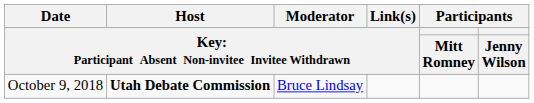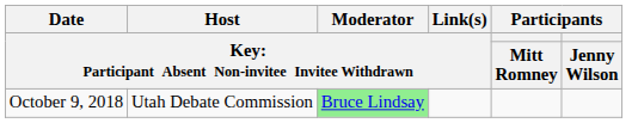 <table class="wikitable" style="text-align:center">
 <tr>
 <th scope="col">Date</th>
 <th scope="col">Host</th>
 <th scope="col">Moderator</th>
 <th scope="col">Link(s)</th>
 <th colspan="2" scope="col">Participants</th>
 </tr>
 <tr>
 <th colspan="4" rowspan="2">Key:<br> <small>Participant </small>  <small>Absent </small>  <small>Non-invitee </small>  <small>Invitee  Withdrawn</small></th>
 <th scope="col" style="background:"></th>
 <th scope="col" style="background:"></th>
 </tr>
 <tr>
 <th scope="col">Mitt<br>Romney</th>
 <th scope="col">Jenny<br>Wilson</th>
 </tr>
 <tr>
 <td style="white-space:nowrap;">October 9, 2018</td>
-<td style="white-space:nowrap;"><strong>Utah Debate Commission</strong></td>
-<td style="white-space:nowrap;"><a href='#'>Bruce Lindsay</a></td>
+<td style="white-space:nowrap;">Utah Debate Commission</td>
+<td style="background: lightgreen; white-space:nowrap;"><a href='#'>Bruce Lindsay</a></td>
 <td style="white-space:nowrap;"></td>
 <td></td>
 <td></td>
 </tr>
 </table>
